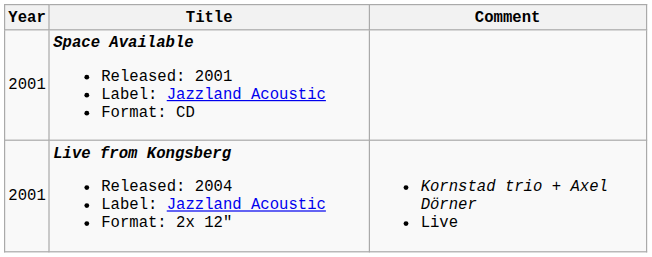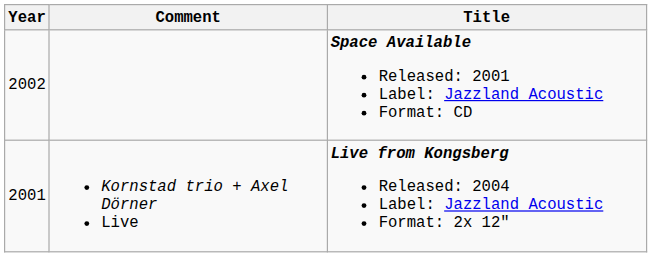 <table class="wikitable">
 <tr>
 <th>Year</th>
+<th style="width:225px;">Comment</th>
 <th style="width:225px;">Title</th>
-<th style="width:225px;">Comment</th>
+</tr>
+<tr>
+<td>2002</td>
+<td></td>
+<td style="width:20em"><strong><em>Space Available</em></strong><br><ul><li>Released: 2001</li><li>Label: <a href='#'>Jazzland Acoustic</a> </li><li>Format: CD</li></ul></td>
 </tr>
 <tr>
 <td>2001</td>
-<td style="width:20em"><strong><em>Space Available</em></strong><br><ul><li>Released: 2001</li><li>Label: <a href='#'>Jazzland Acoustic</a> </li><li>Format: CD</li></ul></td>
-<td></td>
-</tr>
-<tr>
-<td>2001</td>
+<td><br><ul><li><em>Kornstad trio + Axel Dörner</em></li><li>Live</li></ul></td>
 <td style="width:20em"><strong><em>Live from Kongsberg</em></strong><br><ul><li>Released: 2004</li><li>Label: <a href='#'>Jazzland Acoustic</a> </li><li>Format: 2x 12"</li></ul></td>
-<td><br><ul><li><em>Kornstad trio + Axel Dörner</em></li><li>Live</li></ul></td>
 </tr>
 </table>
